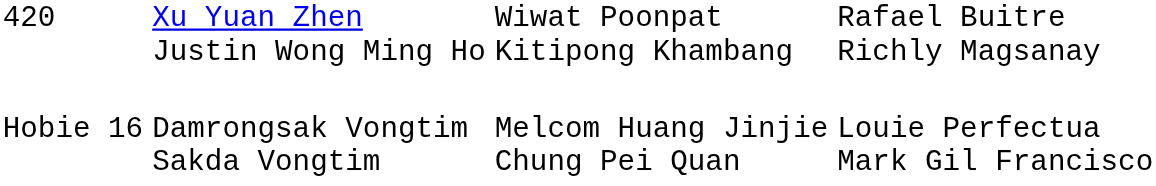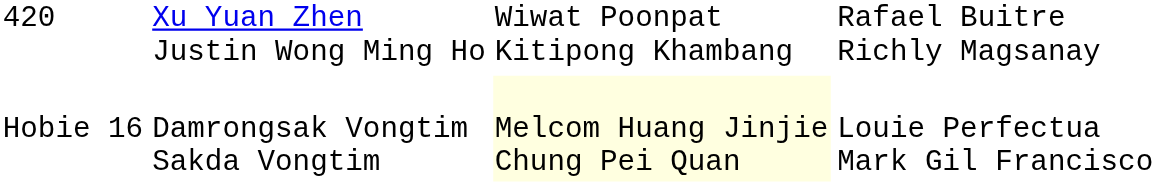 <table>
 <tr>
 <td>420</td>
 <td nowrap><br><a href='#'>Xu Yuan Zhen</a><br>Justin Wong Ming Ho</td>
 <td><br>Wiwat Poonpat<br>Kitipong Khambang</td>
 <td><br>Rafael Buitre<br>Richly Magsanay</td>
 </tr>
 <tr>
 <td>Hobie 16</td>
 <td nowrap><br>Damrongsak Vongtim<br>Sakda Vongtim</td>
-<td nowrap><br>Melcom Huang Jinjie<br>Chung Pei Quan</td>
+<td nowrap style="background: lightyellow;"><br>Melcom Huang Jinjie<br>Chung Pei Quan</td>
 <td nowrap><br>Louie Perfectua<br>Mark Gil Francisco</td>
 </tr>
 </table>
